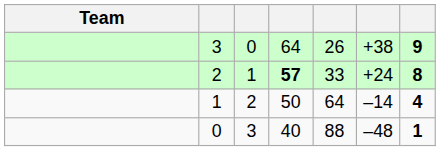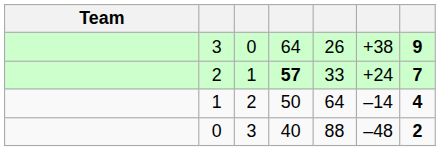 <table class="wikitable" style="text-align:center;">
 <tr>
 <th style="width:10.5em;">Team</th>
 <th style="width:1.5em;"></th>
 <th style="width:1.5em;"></th>
 <th style="width:2.0em;"></th>
 <th style="width:2.0em;"></th>
 <th style="width:2.0em;"></th>
 <th style="width:1.5em;"></th>
 </tr>
 <tr bgcolor="#cfc">
 <td align="left"></td>
 <td>3</td>
 <td>0</td>
 <td>64</td>
 <td>26</td>
 <td>+38</td>
 <td><strong>9</strong></td>
 </tr>
 <tr bgcolor="#cfc">
 <td align="left"></td>
 <td>2</td>
 <td>1</td>
 <td><strong>57</strong></td>
 <td>33</td>
 <td>+24</td>
-<td><strong>8</strong></td>
+<td><strong>7</strong></td>
 </tr>
 <tr>
 <td align="left"></td>
 <td>1</td>
 <td>2</td>
 <td>50</td>
 <td>64</td>
 <td>–14</td>
 <td><strong>4</strong></td>
 </tr>
 <tr>
 <td align="left"></td>
 <td>0</td>
 <td>3</td>
 <td>40</td>
 <td>88</td>
 <td>–48</td>
-<td><strong>1</strong></td>
+<td><strong>2</strong></td>
 </tr>
 </table>
